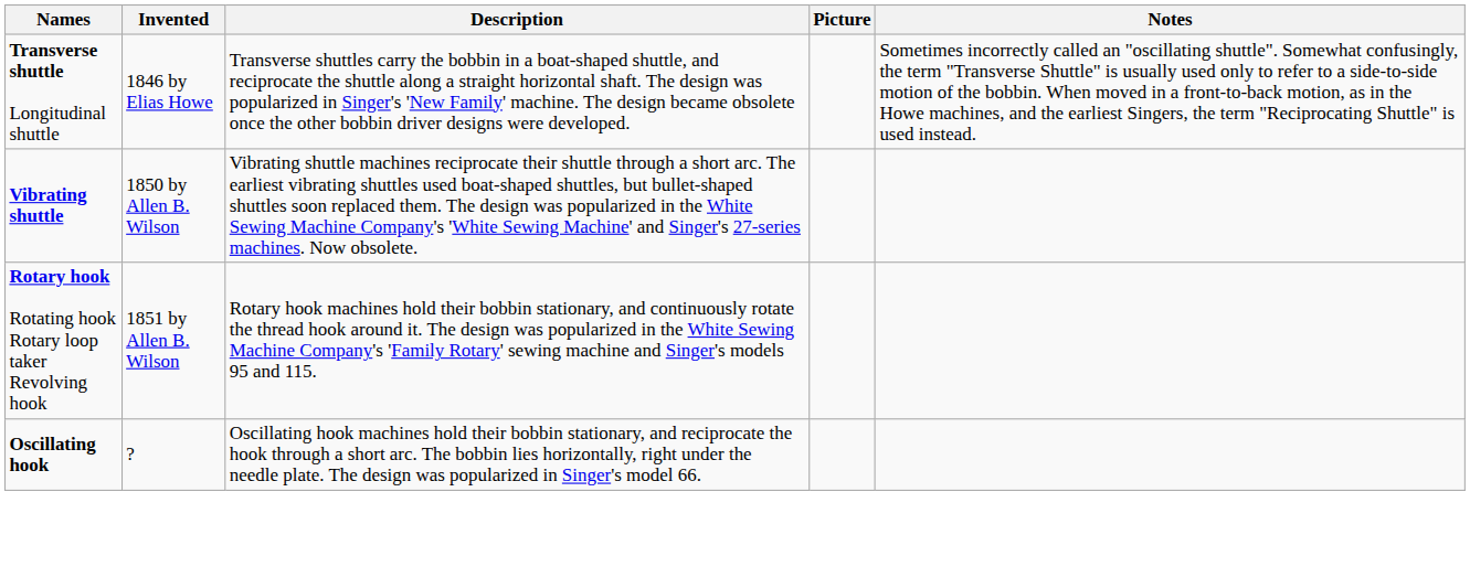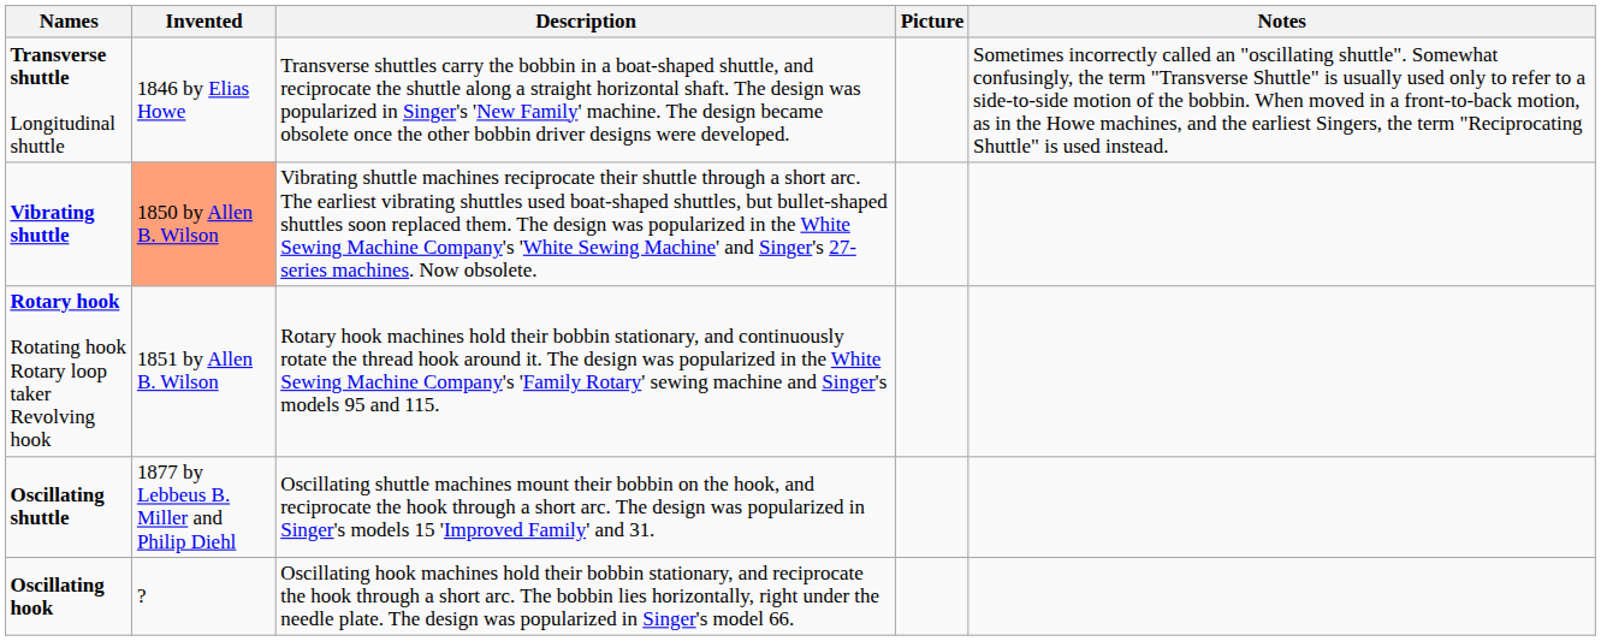 <table border="1" class="wikitable" align="center">
 <tr>
 <th>Names</th>
 <th>Invented</th>
 <th>Description</th>
 <th>Picture</th>
 <th>Notes</th>
 </tr>
 <tr>
 <td><strong>Transverse shuttle</strong><br><br>Longitudinal shuttle</td>
 <td>1846 by <a href='#'>Elias Howe</a><br></td>
 <td>Transverse shuttles carry the bobbin in a boat-shaped shuttle, and reciprocate the shuttle along a straight horizontal shaft.  The design was popularized in <a href='#'>Singer</a>'s '<a href='#'>New Family</a>' machine.  The design became obsolete once the other bobbin driver designs were developed.</td>
 <td></td>
 <td>Sometimes incorrectly called an "oscillating shuttle".  Somewhat confusingly, the term "Transverse Shuttle" is usually used only to refer to a side-to-side motion of the bobbin.  When moved in a front-to-back motion, as in the Howe machines, and the earliest Singers, the term "Reciprocating Shuttle" is used instead.</td>
 </tr>
 <tr>
 <td><strong><a href='#'>Vibrating shuttle</a></strong></td>
-<td>1850 by <a href='#'>Allen B. Wilson</a><br></td>
+<td style="background: lightsalmon;">1850 by <a href='#'>Allen B. Wilson</a><br></td>
 <td>Vibrating shuttle machines reciprocate their shuttle through a short arc. The earliest vibrating shuttles used boat-shaped shuttles, but bullet-shaped shuttles soon replaced them. The design was popularized in the <a href='#'>White Sewing Machine Company</a>'s '<a href='#'>White Sewing Machine</a>'  and <a href='#'>Singer</a>'s <a href='#'>27-series machines</a>.  Now obsolete.</td>
 <td></td>
 <td></td>
 </tr>
 <tr>
 <td><strong><a href='#'>Rotary hook</a></strong><br><br>Rotating hook<br> Rotary loop taker<br> Revolving hook</td>
 <td>1851 by <a href='#'>Allen B. Wilson</a><br></td>
 <td>Rotary hook machines hold their bobbin stationary, and continuously rotate the thread hook around it.  The design was popularized in the <a href='#'>White Sewing Machine Company</a>'s '<a href='#'>Family Rotary</a>' sewing machine and <a href='#'>Singer</a>'s models 95 and 115.</td>
 <td></td>
 <td></td>
 </tr>
 <tr>
+<td><strong>Oscillating shuttle</strong></td>
+<td>1877 by <a href='#'>Lebbeus B. Miller</a> and <a href='#'>Philip Diehl</a><br></td>
+<td>Oscillating shuttle machines mount their bobbin on the hook, and reciprocate the hook through a short arc.  The design was popularized in <a href='#'>Singer</a>'s models 15 '<a href='#'>Improved Family</a>' and 31.</td>
+<td></td>
+<td> </td>
+</tr>
+<tr>
 <td><strong>Oscillating hook</strong></td>
 <td>?</td>
 <td>Oscillating hook machines hold their bobbin stationary, and reciprocate the hook through a short arc.  The bobbin lies horizontally, right under the needle plate.  The design was popularized in <a href='#'>Singer</a>'s model 66.</td>
 <td></td>
 <td> </td>
 </tr>
 </table>
